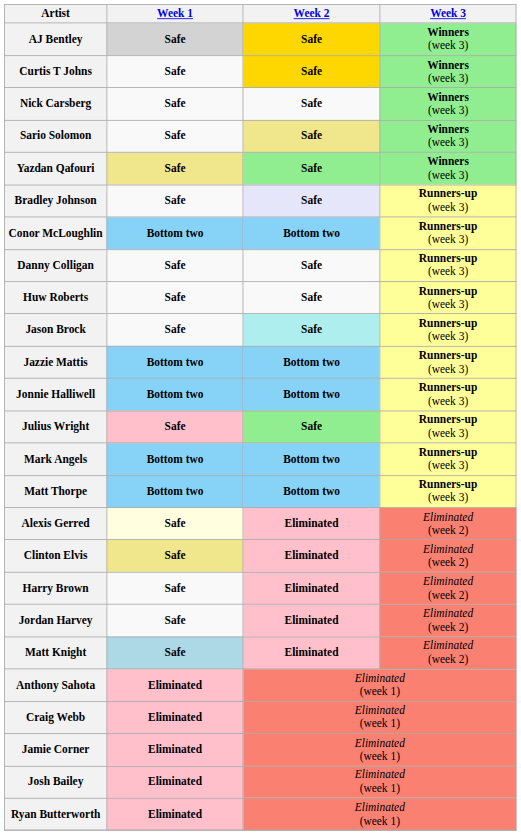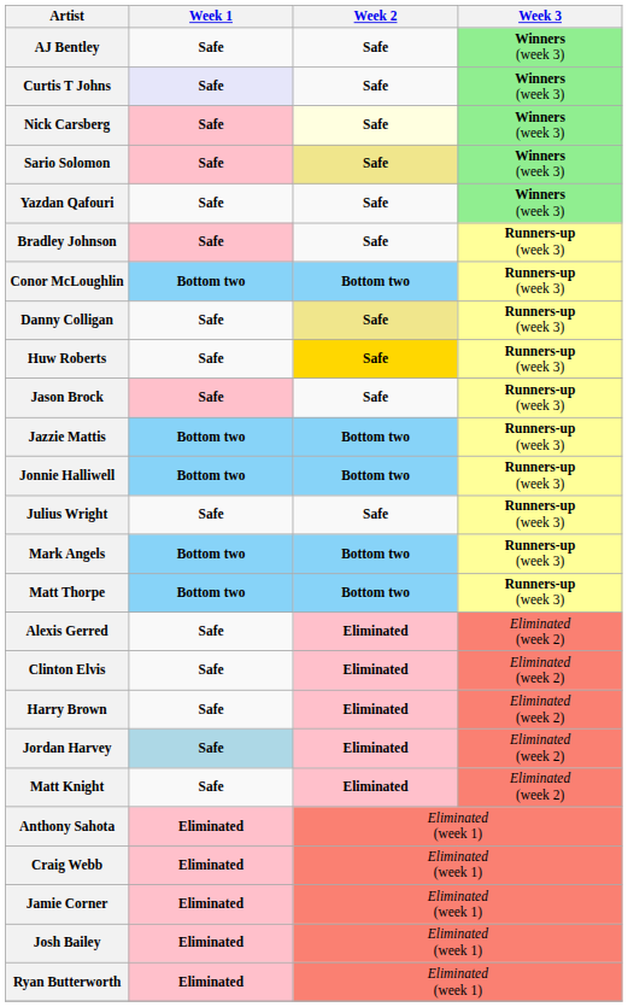 <table class="wikitable" style="text-align:center; font-size:85%">
 <tr>
 <th scope="col" rowspan="1" style="width:15%;">Artist</th>
 <th scope="col" rowspan="1" style="width:20%;"><a href='#'>Week 1</a></th>
 <th scope="col" rowspan="1" style="width:20%;"><a href='#'>Week 2</a></th>
 <th scope="col" rowspan="1" style="width:20%;"><a href='#'>Week 3</a></th>
 </tr>
 <tr>
 <th scope="col">AJ Bentley</th>
-<td style="background: lightgrey;"><strong>Safe</strong></td>
-<td style="background: gold;"><strong>Safe</strong></td>
-<td bgcolor=lightgreen><strong>Winners</strong><br>(week 3)</td>
-</tr>
-<tr>
-<th scope="col">Curtis T Johns</th>
-<td><strong>Safe</strong></td>
-<td style="background: gold;"><strong>Safe</strong></td>
-<td bgcolor=lightgreen><strong>Winners</strong><br>(week 3)</td>
-</tr>
-<tr>
-<th scope="col">Nick Carsberg</th>
 <td><strong>Safe</strong></td>
 <td><strong>Safe</strong></td>
 <td bgcolor=lightgreen><strong>Winners</strong><br>(week 3)</td>
 </tr>
 <tr>
+<th scope="col">Curtis T Johns</th>
+<td style="background: lavender;"><strong>Safe</strong></td>
+<td><strong>Safe</strong></td>
+<td bgcolor=lightgreen><strong>Winners</strong><br>(week 3)</td>
+</tr>
+<tr>
+<th scope="col">Nick Carsberg</th>
+<td style="background: pink;"><strong>Safe</strong></td>
+<td style="background: lightyellow;"><strong>Safe</strong></td>
+<td bgcolor=lightgreen><strong>Winners</strong><br>(week 3)</td>
+</tr>
+<tr>
 <th scope="col">Sario Solomon</th>
-<td><strong>Safe</strong></td>
+<td style="background: pink;"><strong>Safe</strong></td>
 <td style="background: khaki;"><strong>Safe</strong></td>
 <td bgcolor=lightgreen><strong>Winners</strong><br>(week 3)</td>
 </tr>
 <tr>
 <th scope="col">Yazdan Qafouri</th>
-<td style="background: khaki;"><strong>Safe</strong></td>
-<td style="background: lightgreen;"><strong>Safe</strong></td>
+<td><strong>Safe</strong></td>
+<td><strong>Safe</strong></td>
 <td bgcolor=lightgreen><strong>Winners</strong><br>(week 3)</td>
 </tr>
 <tr>
 <th scope="col">Bradley Johnson</th>
+<td style="background: pink;"><strong>Safe</strong></td>
 <td><strong>Safe</strong></td>
-<td style="background: lavender;"><strong>Safe</strong></td>
 <td bgcolor=#ff9><strong>Runners-up</strong><br>(week 3)</td>
 </tr>
 <tr>
 <th scope="col">Conor McLoughlin</th>
 <td bgcolor=#87D3F8><strong>Bottom two</strong></td>
 <td bgcolor=#87D3F8><strong>Bottom two</strong></td>
 <td bgcolor=#ff9><strong>Runners-up</strong><br>(week 3)</td>
 </tr>
 <tr>
 <th scope="col">Danny Colligan</th>
 <td><strong>Safe</strong></td>
-<td><strong>Safe</strong></td>
+<td style="background: khaki;"><strong>Safe</strong></td>
 <td bgcolor=#ff9><strong>Runners-up</strong><br>(week 3)</td>
 </tr>
 <tr>
 <th scope="col">Huw Roberts</th>
 <td><strong>Safe</strong></td>
-<td><strong>Safe</strong></td>
+<td style="background: gold;"><strong>Safe</strong></td>
 <td bgcolor=#ff9><strong>Runners-up</strong><br>(week 3)</td>
 </tr>
 <tr>
 <th scope="col">Jason Brock</th>
+<td style="background: pink;"><strong>Safe</strong></td>
 <td><strong>Safe</strong></td>
-<td style="background: paleturquoise;"><strong>Safe</strong></td>
 <td bgcolor=#ff9><strong>Runners-up</strong><br>(week 3)</td>
 </tr>
 <tr>
 <th scope="col">Jazzie Mattis</th>
 <td bgcolor=#87D3F8><strong>Bottom two</strong></td>
 <td bgcolor=#87D3F8><strong>Bottom two</strong></td>
 <td bgcolor=#ff9><strong>Runners-up</strong><br>(week 3)</td>
 </tr>
 <tr>
 <th scope="col">Jonnie Halliwell</th>
 <td bgcolor=#87D3F8><strong>Bottom two </strong></td>
 <td bgcolor=#87D3F8><strong>Bottom two</strong></td>
 <td bgcolor=#ff9><strong>Runners-up</strong><br>(week 3)</td>
 </tr>
 <tr>
 <th scope="col">Julius Wright</th>
-<td style="background: pink;"><strong>Safe</strong></td>
-<td style="background: lightgreen;"><strong>Safe</strong></td>
+<td><strong>Safe</strong></td>
+<td><strong>Safe</strong></td>
 <td bgcolor=#ff9><strong>Runners-up</strong><br>(week 3)</td>
 </tr>
 <tr>
 <th scope="col">Mark Angels</th>
 <td bgcolor=#87D3F8><strong>Bottom two</strong></td>
 <td bgcolor=#87D3F8><strong>Bottom two</strong></td>
 <td bgcolor=#ff9><strong>Runners-up</strong><br>(week 3)</td>
 </tr>
 <tr>
 <th scope="col">Matt Thorpe</th>
 <td bgcolor=#87D3F8><strong>Bottom two</strong></td>
 <td bgcolor=#87D3F8><strong>Bottom two</strong></td>
 <td bgcolor=#ff9><strong>Runners-up</strong><br>(week 3)</td>
 </tr>
 <tr>
 <th scope="col">Alexis Gerred</th>
-<td style="background: lightyellow;"><strong>Safe</strong></td>
+<td><strong>Safe</strong></td>
 <td style = "background:pink"><strong>Eliminated</strong></td>
 <td style="background:#FA8072" colspan=2><em>Eliminated</em><br>(week 2)</td>
 </tr>
 <tr>
 <th scope="col">Clinton Elvis</th>
-<td style="background: khaki;"><strong>Safe</strong></td>
+<td><strong>Safe</strong></td>
 <td style = "background:pink"><strong>Eliminated</strong></td>
 <td style="background:#FA8072" colspan=2><em>Eliminated</em><br>(week 2)</td>
 </tr>
 <tr>
 <th scope="col">Harry Brown</th>
 <td><strong>Safe</strong></td>
 <td style = "background:pink"><strong>Eliminated</strong></td>
 <td style="background:#FA8072" colspan=2><em>Eliminated</em><br>(week 2)</td>
 </tr>
 <tr>
 <th scope="col">Jordan Harvey</th>
-<td><strong>Safe</strong></td>
+<td style="background: lightblue;"><strong>Safe</strong></td>
 <td style = "background:pink"><strong>Eliminated</strong></td>
 <td style="background:#FA8072" colspan=2><em>Eliminated</em><br>(week 2)</td>
 </tr>
 <tr>
 <th scope="col">Matt Knight</th>
-<td style="background: lightblue;"><strong>Safe</strong></td>
+<td><strong>Safe</strong></td>
 <td style = "background:pink"><strong>Eliminated</strong></td>
 <td style="background:#FA8072" colspan=2><em>Eliminated</em><br>(week 2)</td>
 </tr>
 <tr>
 <th scope="col">Anthony Sahota</th>
 <td style = "background:pink"><strong>Eliminated</strong></td>
 <td style="background:#FA8072" colspan=3><em>Eliminated</em><br>(week 1)</td>
 </tr>
 <tr>
 <th scope="col">Craig Webb</th>
 <td style = "background:pink"><strong>Eliminated</strong></td>
 <td style="background:#FA8072" colspan=3><em>Eliminated</em><br>(week 1)</td>
 </tr>
 <tr>
 <th scope="col">Jamie Corner</th>
 <td style = "background:pink"><strong>Eliminated</strong></td>
 <td style="background:#FA8072" colspan=3><em>Eliminated</em><br>(week 1)</td>
 </tr>
 <tr>
 <th scope="col">Josh Bailey</th>
 <td style = "background:pink"><strong>Eliminated</strong></td>
 <td style="background:#FA8072" colspan=3><em>Eliminated</em><br>(week 1)</td>
 </tr>
 <tr>
 <th scope="col">Ryan Butterworth</th>
 <td style = "background:pink"><strong>Eliminated</strong></td>
 <td style="background:#FA8072" colspan=3><em>Eliminated</em><br>(week 1)</td>
 </tr>
 <tr>
 </tr>
 </table>
